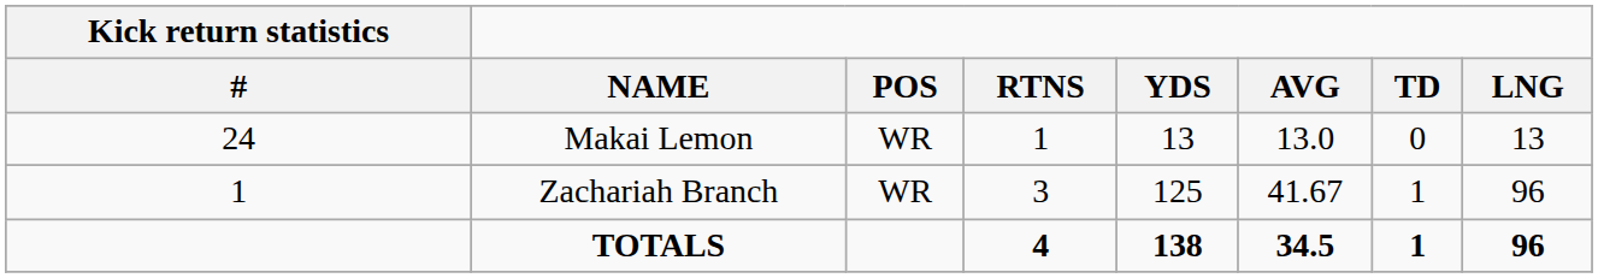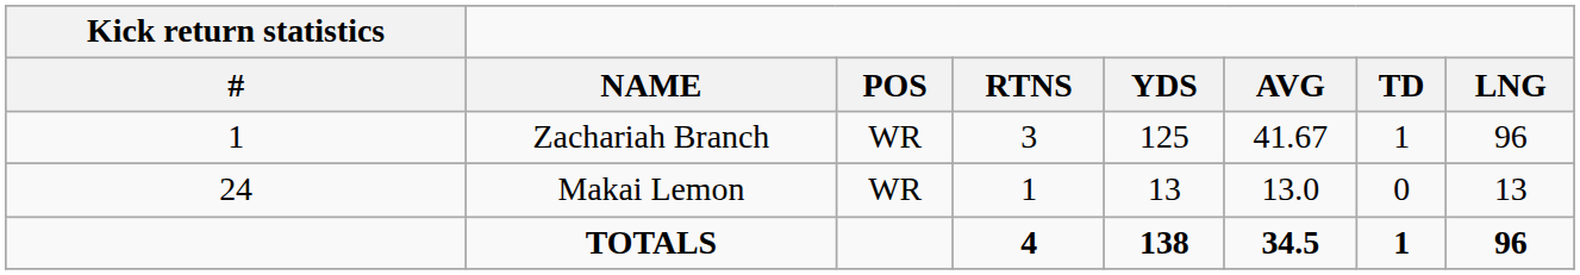 <table style="width:60%; text-align:center;" class="wikitable collapsible collapsed">
 <tr>
 <th style="text-align:center; ">Kick return statistics</th>
 </tr>
 <tr>
 <th>#</th>
 <th>NAME</th>
 <th>POS</th>
 <th>RTNS</th>
 <th>YDS</th>
 <th>AVG</th>
 <th>TD</th>
 <th>LNG</th>
 </tr>
 <tr>
+<td>1</td>
+<td>Zachariah Branch</td>
+<td>WR</td>
+<td>3</td>
+<td>125</td>
+<td>41.67</td>
+<td>1</td>
+<td>96</td>
+</tr>
+<tr>
 <td>24</td>
 <td>Makai Lemon</td>
 <td>WR</td>
 <td>1</td>
 <td>13</td>
 <td>13.0</td>
 <td>0</td>
 <td>13</td>
-</tr>
-<tr>
-<td>1</td>
-<td>Zachariah Branch</td>
-<td>WR</td>
-<td>3</td>
-<td>125</td>
-<td>41.67</td>
-<td>1</td>
-<td>96</td>
 </tr>
 <tr>
 <td></td>
 <td><strong>TOTALS</strong></td>
 <td></td>
 <td><strong>4</strong></td>
 <td><strong>138</strong></td>
 <td><strong>34.5</strong></td>
 <td><strong>1</strong></td>
 <td><strong>96</strong></td>
 </tr>
 </table>
